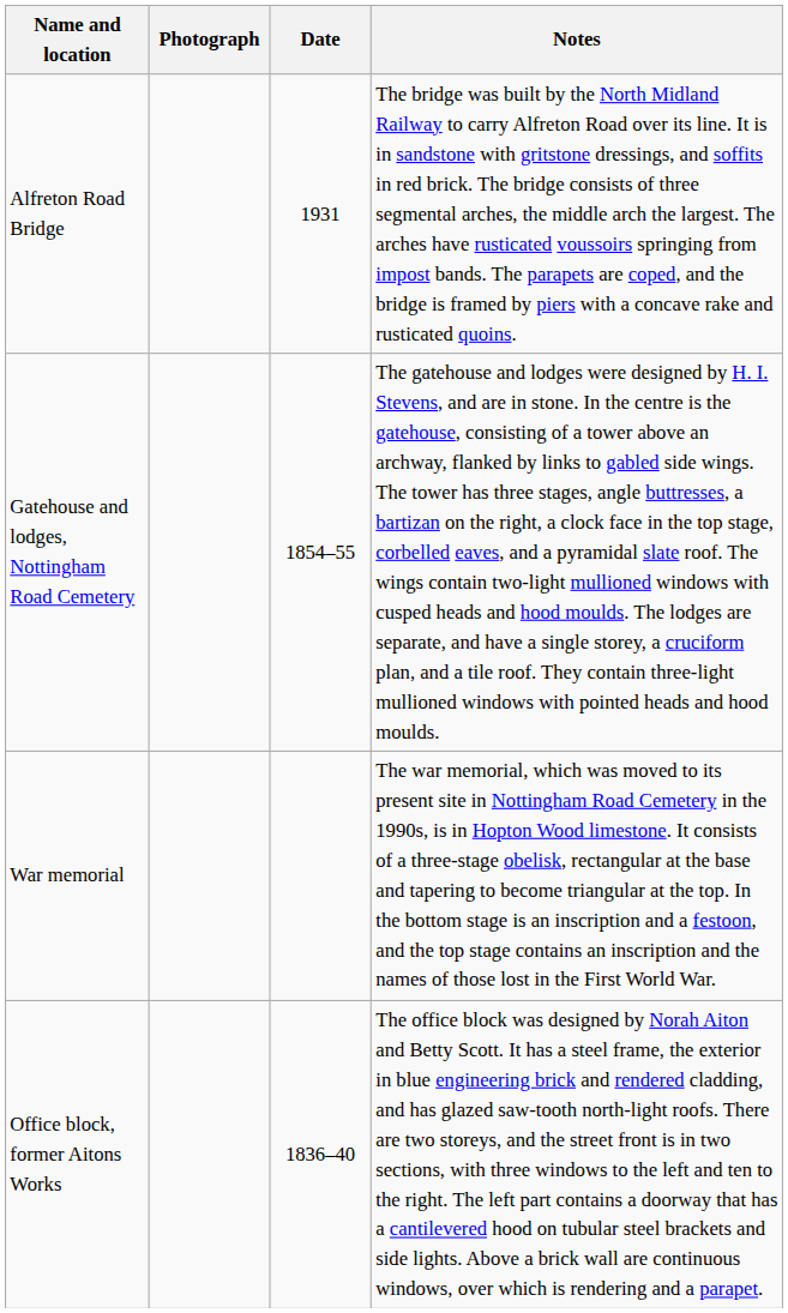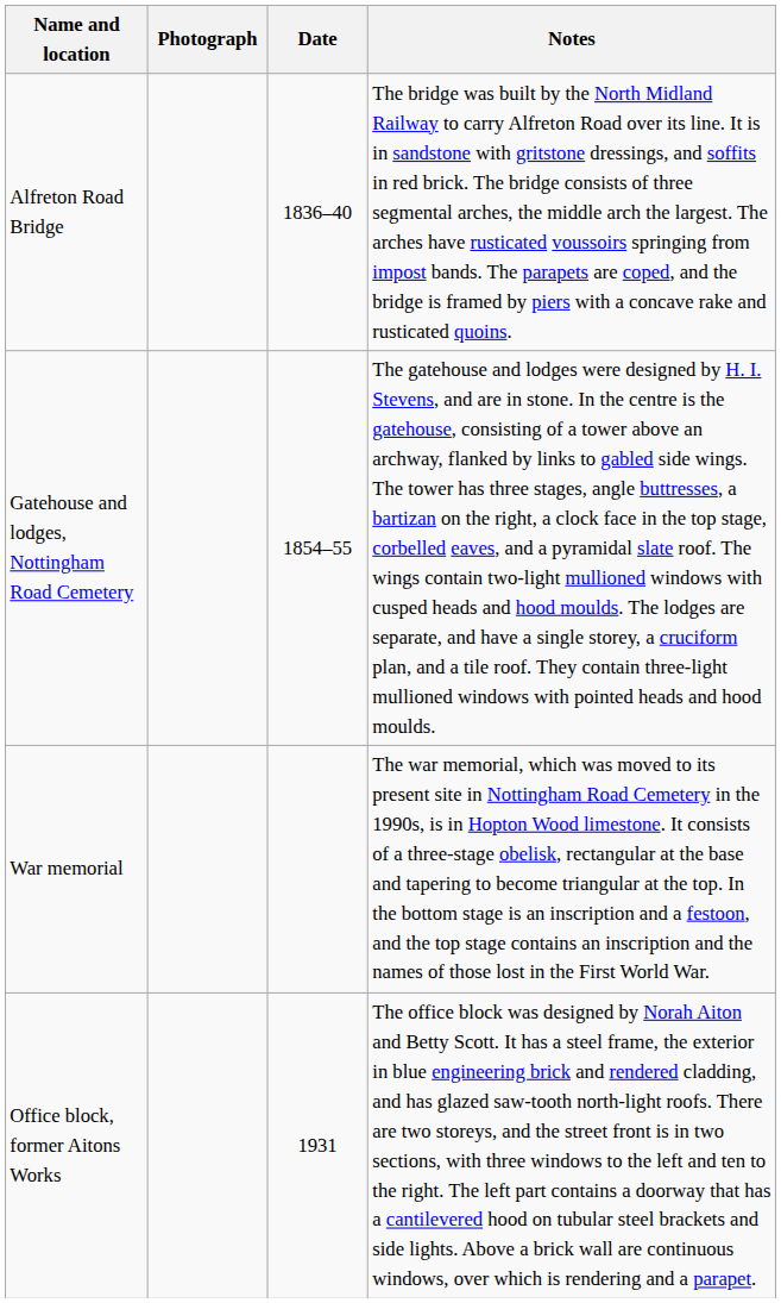 <table class="wikitable sortable plainrowheaders" style="width:100%;border:0px;text-align:left;line-height:150%;">
 <tr>
 <th scope="col"  style="width:150px">Name and location</th>
 <th scope="col"  style="width:100px" class="unsortable">Photograph</th>
 <th scope="col"  style="width:120px">Date</th>
 <th scope="col"  style="width:650px" class="unsortable">Notes</th>
 </tr>
 <tr>
 <td>Alfreton Road Bridge<br><small></small></td>
 <td></td>
-<td align="center">1931</td>
+<td align="center">1836–40</td>
 <td>The bridge was built by the <a href='#'>North Midland Railway</a> to carry Alfreton Road over its line.  It is in <a href='#'>sandstone</a> with <a href='#'>gritstone</a> dressings, and <a href='#'>soffits</a> in red brick.  The bridge consists of three segmental arches, the middle arch the largest.  The arches have <a href='#'>rusticated</a> <a href='#'>voussoirs</a> springing from <a href='#'>impost</a> bands.  The <a href='#'>parapets</a> are <a href='#'>coped</a>, and the bridge is framed by <a href='#'>piers</a> with a concave rake and rusticated <a href='#'>quoins</a>.</td>
 </tr>
 <tr>
 <td>Gatehouse and lodges,<br><a href='#'>Nottingham Road Cemetery</a><br><small></small></td>
 <td></td>
 <td align="center">1854–55</td>
 <td>The gatehouse and lodges were designed by <a href='#'>H. I. Stevens</a>, and are in stone.  In the centre is the <a href='#'>gatehouse</a>, consisting of a tower above an archway, flanked by links to <a href='#'>gabled</a> side wings.  The tower has three stages, angle <a href='#'>buttresses</a>, a <a href='#'>bartizan</a> on the right, a clock face in the top stage, <a href='#'>corbelled</a> <a href='#'>eaves</a>, and a pyramidal <a href='#'>slate</a> roof.  The wings contain two-light <a href='#'>mullioned</a> windows with cusped heads and <a href='#'>hood moulds</a>.  The lodges are separate, and have a single storey, a <a href='#'>cruciform</a> plan, and a tile roof.  They contain three-light mullioned windows with pointed heads and hood moulds.</td>
 </tr>
 <tr>
 <td>War memorial<br><small></small></td>
 <td></td>
 <td align="center"></td>
 <td>The war memorial, which was moved to its present site in <a href='#'>Nottingham Road Cemetery</a> in the 1990s, is in <a href='#'>Hopton Wood limestone</a>.  It consists of a three-stage <a href='#'>obelisk</a>, rectangular at the base and tapering to become triangular at the top. In the bottom stage is an inscription and a <a href='#'>festoon</a>, and the top stage contains an inscription and the names of those lost in the First World War.</td>
 </tr>
 <tr>
 <td>Office block, former Aitons Works<br><small></small></td>
 <td></td>
-<td align="center">1836–40</td>
+<td align="center">1931</td>
 <td>The office block was designed by <a href='#'>Norah Aiton</a> and Betty Scott.  It has a steel frame, the exterior in blue <a href='#'>engineering brick</a> and <a href='#'>rendered</a> cladding, and has glazed saw-tooth north-light roofs.  There are two storeys, and the street front is in two sections, with three windows to the left and ten to the right.  The left part contains a doorway that has a <a href='#'>cantilevered</a> hood on tubular steel brackets and side lights.  Above a brick wall are continuous windows, over which is rendering and a <a href='#'>parapet</a>.</td>
 </tr>
 <tr>
 </tr>
 </table>
